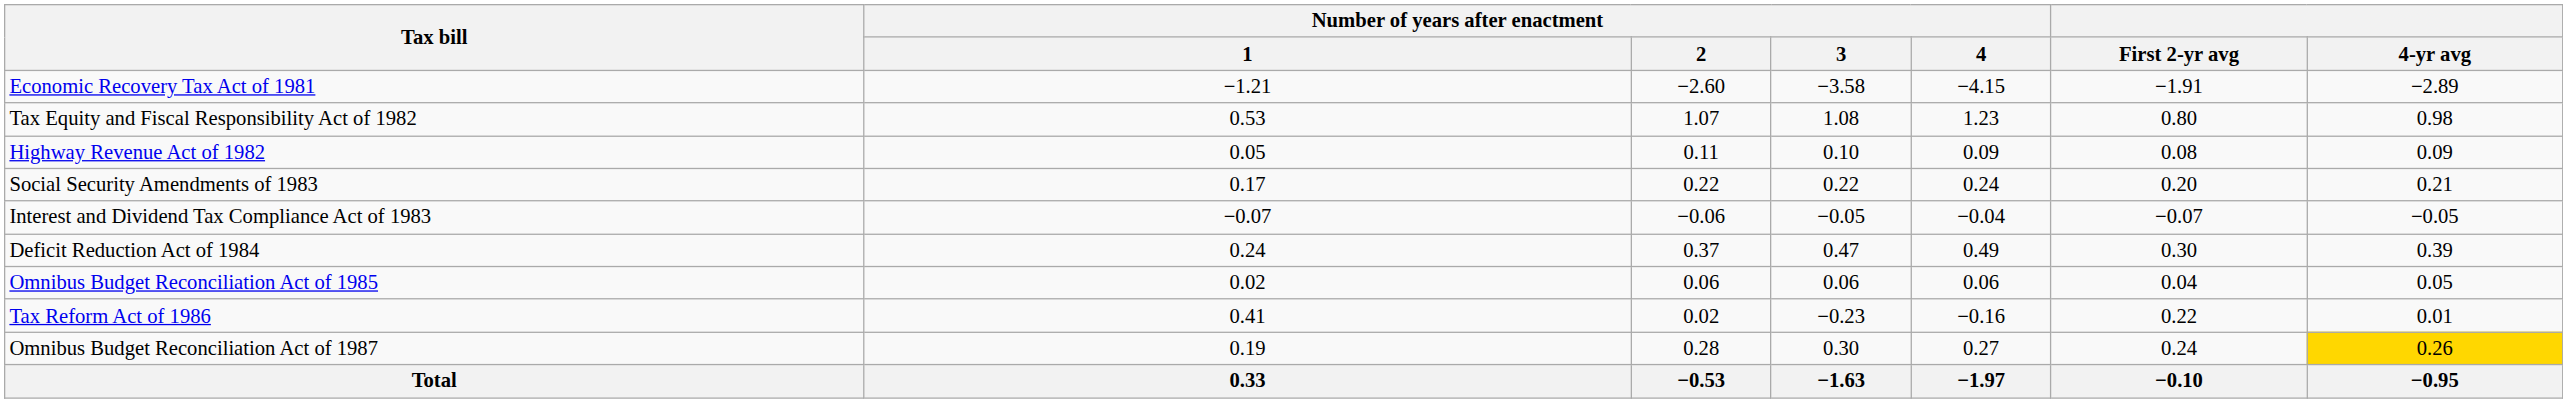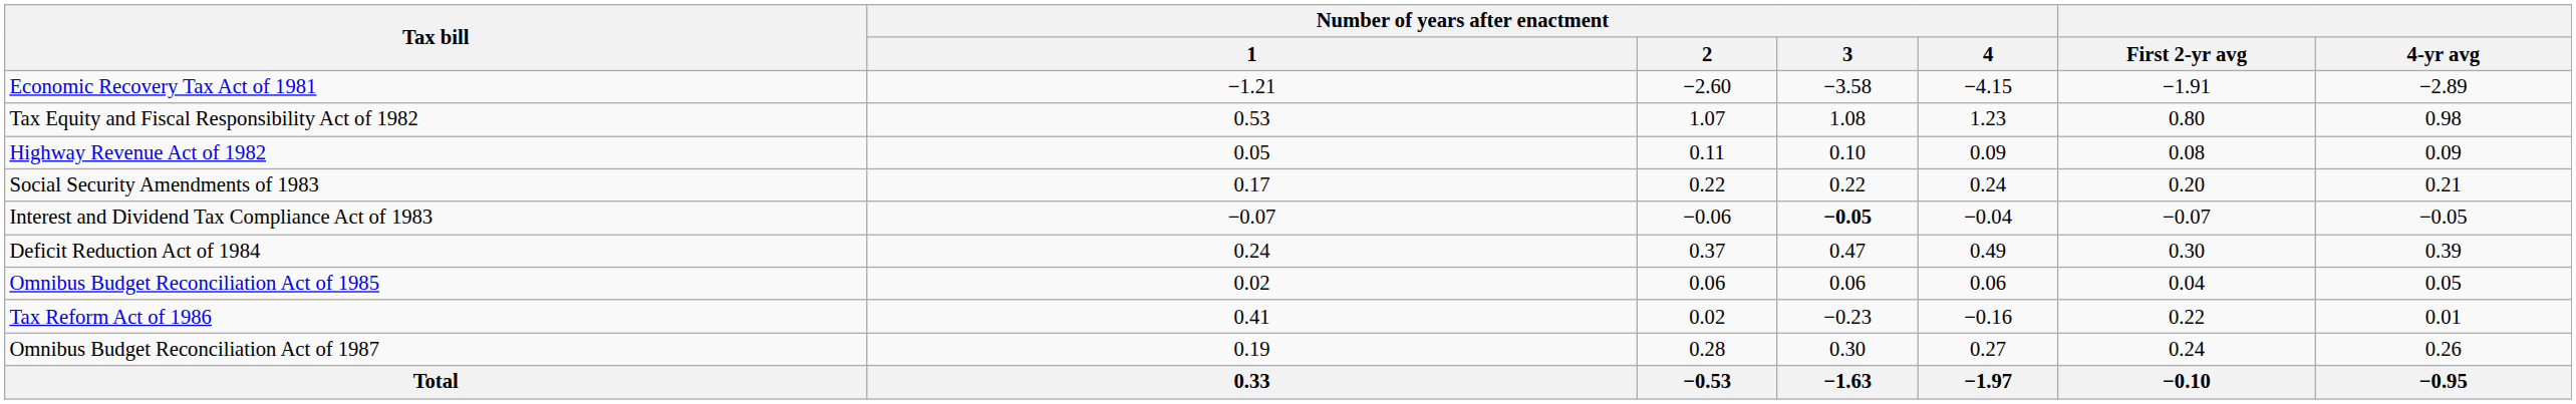 <table class="wikitable" style="text-align:center" width="100%">
 <tr>
 <th rowspan="2">Tax bill</th>
 <th colspan="4">Number of years after enactment</th>
 <th width="20%" colspan="2"></th>
 </tr>
 <tr>
 <th width="30%">1</th>
 <th>2</th>
 <th>3</th>
 <th>4</th>
 <th width="10%">First 2-yr avg</th>
 <th width="10%">4-yr avg</th>
 </tr>
 <tr>
 <td align="left"><a href='#'>Economic Recovery Tax Act of 1981</a></td>
 <td>−1.21</td>
 <td>−2.60</td>
 <td>−3.58</td>
 <td>−4.15</td>
 <td>−1.91</td>
 <td>−2.89</td>
 </tr>
 <tr>
 <td align="left">Tax Equity and Fiscal Responsibility Act of 1982</td>
 <td>0.53</td>
 <td>1.07</td>
 <td>1.08</td>
 <td>1.23</td>
 <td>0.80</td>
 <td>0.98</td>
 </tr>
 <tr>
 <td align="left"><a href='#'>Highway Revenue Act of 1982</a></td>
 <td>0.05</td>
 <td>0.11</td>
 <td>0.10</td>
 <td>0.09</td>
 <td>0.08</td>
 <td>0.09</td>
 </tr>
 <tr>
 <td align="left">Social Security Amendments of 1983</td>
 <td>0.17</td>
 <td>0.22</td>
 <td>0.22</td>
 <td>0.24</td>
 <td>0.20</td>
 <td>0.21</td>
 </tr>
 <tr>
 <td align="left">Interest and Dividend Tax Compliance Act of 1983</td>
 <td>−0.07</td>
 <td>−0.06</td>
-<td>−0.05</td>
+<td><strong>−0.05</strong></td>
 <td>−0.04</td>
 <td>−0.07</td>
 <td>−0.05</td>
 </tr>
 <tr>
 <td align="left">Deficit Reduction Act of 1984</td>
 <td>0.24</td>
 <td>0.37</td>
 <td>0.47</td>
 <td>0.49</td>
 <td>0.30</td>
 <td>0.39</td>
 </tr>
 <tr>
 <td align="left"><a href='#'>Omnibus Budget Reconciliation Act of 1985</a></td>
 <td>0.02</td>
 <td>0.06</td>
 <td>0.06</td>
 <td>0.06</td>
 <td>0.04</td>
 <td>0.05</td>
 </tr>
 <tr>
 <td align="left"><a href='#'>Tax Reform Act of 1986</a></td>
 <td>0.41</td>
 <td>0.02</td>
 <td>−0.23</td>
 <td>−0.16</td>
 <td>0.22</td>
 <td>0.01</td>
 </tr>
 <tr>
 <td align="left">Omnibus Budget Reconciliation Act of 1987</td>
 <td>0.19</td>
 <td>0.28</td>
 <td>0.30</td>
 <td>0.27</td>
 <td>0.24</td>
-<td style="background: gold;">0.26</td>
+<td>0.26</td>
 </tr>
 <tr>
 <th>Total</th>
 <th>0.33</th>
 <th>−0.53</th>
 <th>−1.63</th>
 <th>−1.97</th>
 <th>−0.10</th>
 <th>−0.95</th>
 </tr>
 </table>
